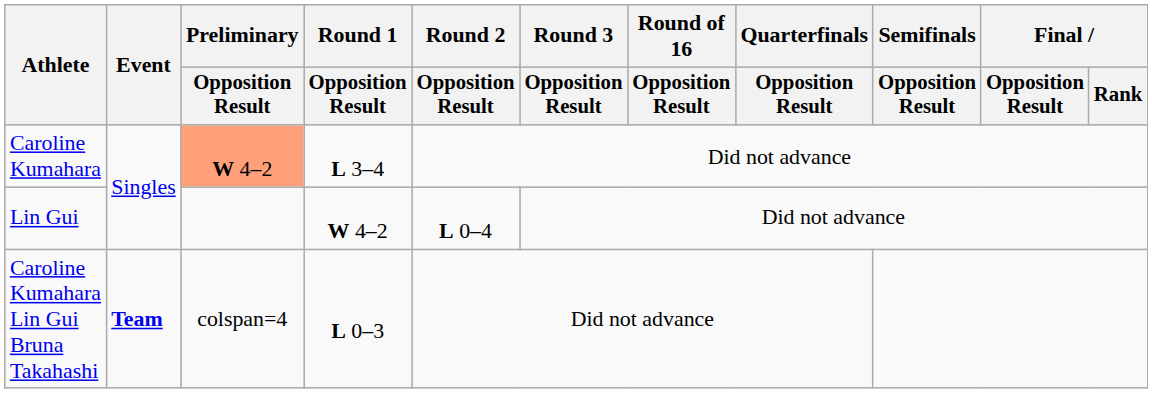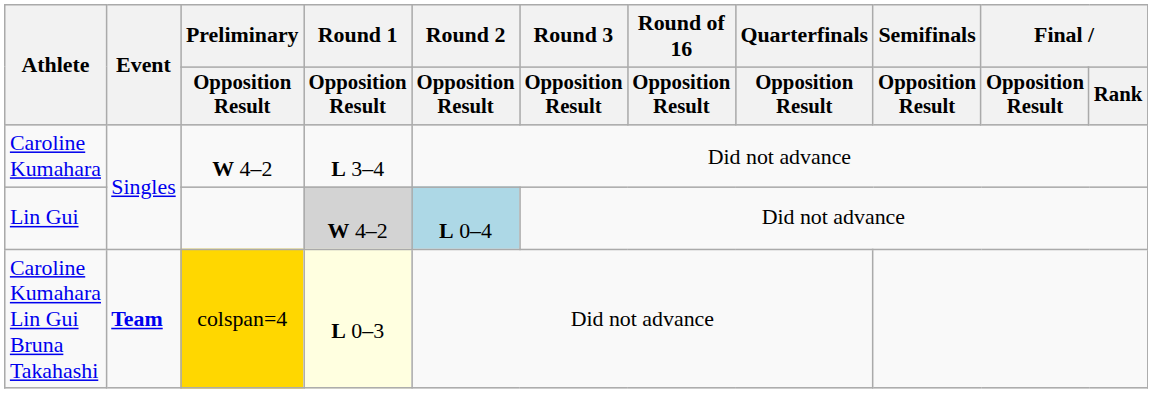 <table class="wikitable" style="font-size:90%;">
 <tr>
 <th rowspan=2>Athlete</th>
 <th rowspan=2>Event</th>
 <th>Preliminary</th>
 <th>Round 1</th>
 <th>Round 2</th>
 <th>Round 3</th>
 <th>Round of 16</th>
 <th>Quarterfinals</th>
 <th>Semifinals</th>
 <th colspan=2>Final / </th>
 </tr>
 <tr style="font-size:95%">
 <th>Opposition<br>Result</th>
 <th>Opposition<br>Result</th>
 <th>Opposition<br>Result</th>
 <th>Opposition<br>Result</th>
 <th>Opposition<br>Result</th>
 <th>Opposition<br>Result</th>
 <th>Opposition<br>Result</th>
 <th>Opposition<br>Result</th>
 <th>Rank</th>
 </tr>
 <tr align=center>
 <td align=left><a href='#'>Caroline Kumahara</a></td>
 <td align=left rowspan=2><a href='#'>Singles</a></td>
-<td style="background: lightsalmon;"><br><strong>W</strong> 4–2</td>
+<td><br><strong>W</strong> 4–2</td>
 <td><br><strong>L</strong> 3–4</td>
 <td colspan=7>Did not advance</td>
 </tr>
 <tr align=center>
 <td align=left><a href='#'>Lin Gui</a></td>
 <td></td>
-<td><br><strong>W</strong> 4–2</td>
-<td><br><strong>L</strong> 0–4</td>
+<td style="background: lightgrey;"><br><strong>W</strong> 4–2</td>
+<td style="background: lightblue;"><br><strong>L</strong> 0–4</td>
 <td colspan=6>Did not advance</td>
 </tr>
 <tr align=center>
 <td align=left><a href='#'>Caroline Kumahara</a><br><a href='#'>Lin Gui</a><br><a href='#'>Bruna Takahashi</a></td>
 <td align=left><strong><a href='#'>Team</a></strong></td>
-<td>colspan=4 </td>
-<td><br><strong>L</strong> 0–3</td>
+<td style="background: gold;">colspan=4 </td>
+<td style="background: lightyellow;"><br><strong>L</strong> 0–3</td>
 <td colspan=4>Did not advance</td>
 </tr>
 </table>
